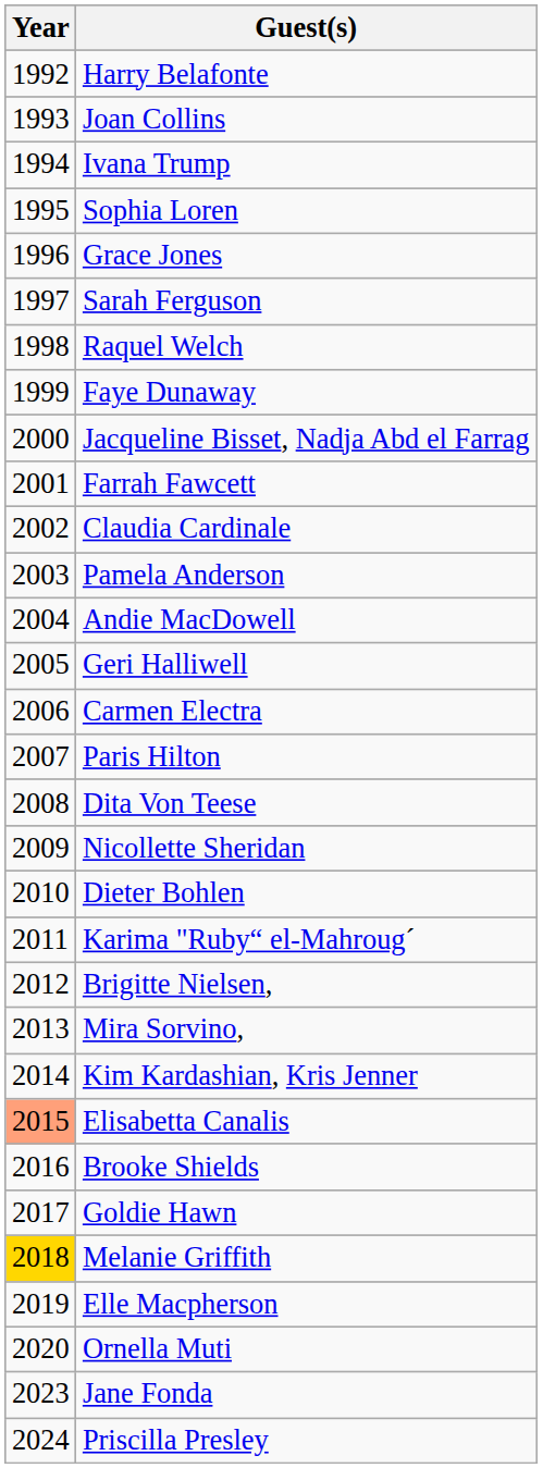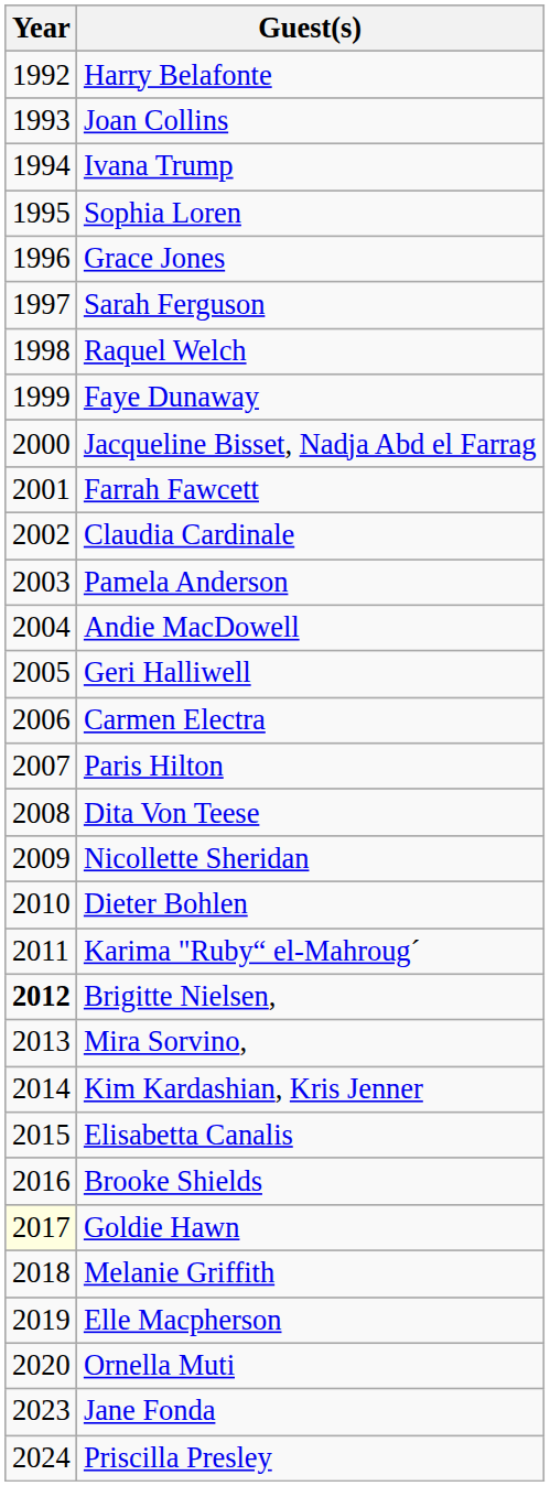 <table class="wikitable">
 <tr>
 <th class="hintergrundfarbe5">Year</th>
 <th class="hintergrundfarbe5">Guest(s)</th>
 </tr>
 <tr>
 <td>1992</td>
 <td><a href='#'>Harry Belafonte</a></td>
 </tr>
 <tr>
 <td>1993</td>
 <td><a href='#'>Joan Collins</a></td>
 </tr>
 <tr>
 <td>1994</td>
 <td><a href='#'>Ivana Trump</a></td>
 </tr>
 <tr>
 <td>1995</td>
 <td><a href='#'>Sophia Loren</a></td>
 </tr>
 <tr>
 <td>1996</td>
 <td><a href='#'>Grace Jones</a></td>
 </tr>
 <tr>
 <td>1997</td>
 <td><a href='#'>Sarah Ferguson</a></td>
 </tr>
 <tr>
 <td>1998</td>
 <td><a href='#'>Raquel Welch</a></td>
 </tr>
 <tr>
 <td>1999</td>
 <td><a href='#'>Faye Dunaway</a></td>
 </tr>
 <tr>
 <td>2000</td>
 <td><a href='#'>Jacqueline Bisset</a>, <a href='#'>Nadja Abd el Farrag</a></td>
 </tr>
 <tr>
 <td>2001</td>
 <td><a href='#'>Farrah Fawcett</a></td>
 </tr>
 <tr>
 <td>2002</td>
 <td><a href='#'>Claudia Cardinale</a></td>
 </tr>
 <tr>
 <td>2003</td>
 <td><a href='#'>Pamela Anderson</a></td>
 </tr>
 <tr>
 <td>2004</td>
 <td><a href='#'>Andie MacDowell</a></td>
 </tr>
 <tr>
 <td>2005</td>
 <td><a href='#'>Geri Halliwell</a></td>
 </tr>
 <tr>
 <td>2006</td>
 <td><a href='#'>Carmen Electra</a></td>
 </tr>
 <tr>
 <td>2007</td>
 <td><a href='#'>Paris Hilton</a></td>
 </tr>
 <tr>
 <td>2008</td>
 <td><a href='#'>Dita Von Teese</a></td>
 </tr>
 <tr>
 <td>2009</td>
 <td><a href='#'>Nicollette Sheridan</a></td>
 </tr>
 <tr>
 <td>2010</td>
 <td><a href='#'>Dieter Bohlen</a></td>
 </tr>
 <tr>
 <td>2011</td>
 <td><a href='#'>Karima "Ruby“ el-Mahroug</a>´</td>
 </tr>
 <tr>
-<td>2012</td>
+<td><strong>2012</strong></td>
 <td><a href='#'>Brigitte Nielsen</a>, </td>
 </tr>
 <tr>
 <td>2013</td>
 <td><a href='#'>Mira Sorvino</a>, </td>
 </tr>
 <tr>
 <td>2014</td>
 <td><a href='#'>Kim Kardashian</a>, <a href='#'>Kris Jenner</a></td>
 </tr>
 <tr>
-<td style="background: lightsalmon;">2015</td>
+<td>2015</td>
 <td><a href='#'>Elisabetta Canalis</a></td>
 </tr>
 <tr>
 <td>2016</td>
 <td><a href='#'>Brooke Shields</a></td>
 </tr>
 <tr>
-<td>2017</td>
+<td style="background: lightyellow;">2017</td>
 <td><a href='#'>Goldie Hawn</a></td>
 </tr>
 <tr>
-<td style="background: gold;">2018</td>
+<td>2018</td>
 <td><a href='#'>Melanie Griffith</a></td>
 </tr>
 <tr>
 <td>2019</td>
 <td><a href='#'>Elle Macpherson</a></td>
 </tr>
 <tr>
 <td>2020</td>
 <td><a href='#'>Ornella Muti</a></td>
 </tr>
 <tr>
 <td>2023</td>
 <td><a href='#'>Jane Fonda</a></td>
 </tr>
 <tr>
 <td>2024</td>
 <td><a href='#'>Priscilla Presley</a></td>
 </tr>
 <tr>
 </tr>
 </table>
